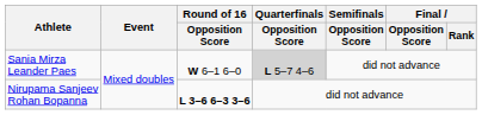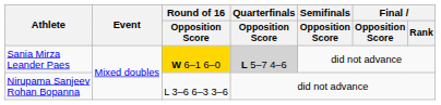 <table class=wikitable style="font-size:90%">
 <tr>
 <th rowspan="2">Athlete</th>
 <th rowspan="2">Event</th>
 <th>Round of 16</th>
 <th>Quarterfinals</th>
 <th>Semifinals</th>
 <th colspan=2>Final / </th>
 </tr>
 <tr style="font-size:95%">
 <th>Opposition<br>Score</th>
 <th>Opposition<br>Score</th>
 <th>Opposition<br>Score</th>
 <th>Opposition<br>Score</th>
 <th>Rank</th>
 </tr>
 <tr align=center>
 <td align=left><a href='#'>Sania Mirza</a><br> <a href='#'>Leander Paes</a></td>
 <td align=left rowspan=2><a href='#'>Mixed doubles</a></td>
-<td> <br><strong>W</strong> 6–1 6–0</td>
+<td style="background: gold;"> <br><strong>W</strong> 6–1 6–0</td>
 <td style="background: lightgrey;"> <br> <strong>L</strong> 5–7 4–6</td>
 <td colspan=3>did not advance</td>
 </tr>
 <tr align=center>
 <td align=left><a href='#'>Nirupama Sanjeev</a><br> <a href='#'>Rohan Bopanna</a></td>
-<td><strong> <br>L 3–6 6–3 3–6</strong></td>
+<td> <br>L 3–6 6–3 3–6</td>
 <td colspan=4>did not advance</td>
 </tr>
 </table>
